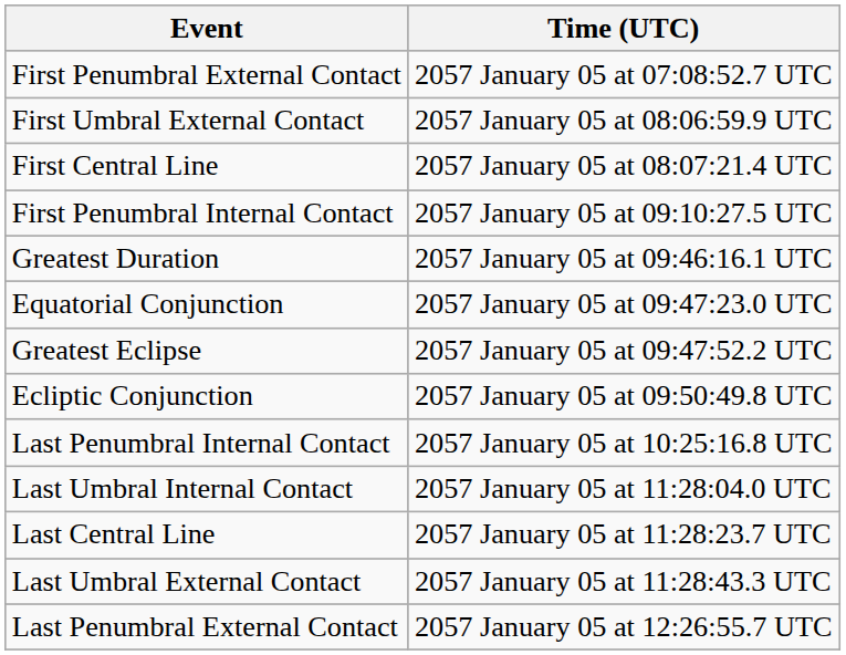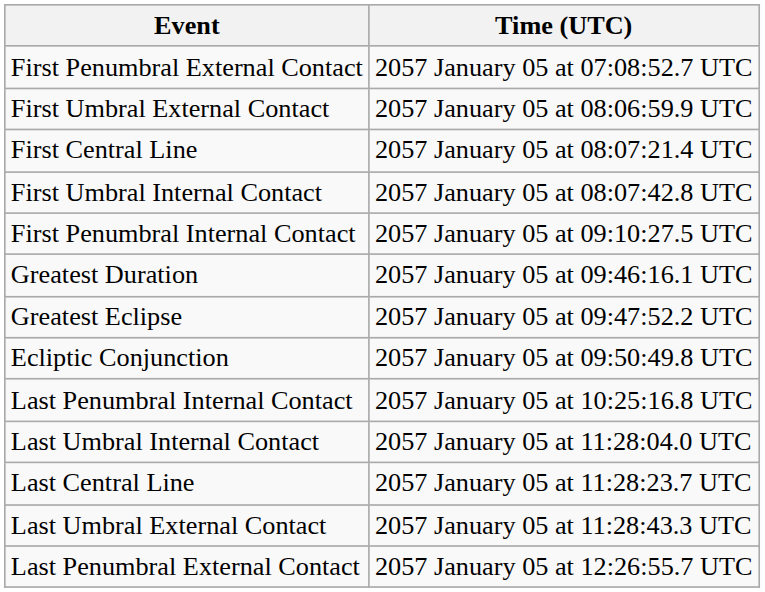 <table class="wikitable">
 <tr>
 <th>Event</th>
 <th>Time (UTC)</th>
 </tr>
 <tr>
 <td>First Penumbral External Contact</td>
 <td>2057 January 05 at 07:08:52.7 UTC</td>
 </tr>
 <tr>
 <td>First Umbral External Contact</td>
 <td>2057 January 05 at 08:06:59.9 UTC</td>
 </tr>
 <tr>
 <td>First Central Line</td>
 <td>2057 January 05 at 08:07:21.4 UTC</td>
 </tr>
 <tr>
+<td>First Umbral Internal Contact</td>
+<td>2057 January 05 at 08:07:42.8 UTC</td>
+</tr>
+<tr>
 <td>First Penumbral Internal Contact</td>
 <td>2057 January 05 at 09:10:27.5 UTC</td>
 </tr>
 <tr>
 <td>Greatest Duration</td>
 <td>2057 January 05 at 09:46:16.1 UTC</td>
-</tr>
-<tr>
-<td>Equatorial Conjunction</td>
-<td>2057 January 05 at 09:47:23.0 UTC</td>
 </tr>
 <tr>
 <td>Greatest Eclipse</td>
 <td>2057 January 05 at 09:47:52.2 UTC</td>
 </tr>
 <tr>
 <td>Ecliptic Conjunction</td>
 <td>2057 January 05 at 09:50:49.8 UTC</td>
 </tr>
 <tr>
 <td>Last Penumbral Internal Contact</td>
 <td>2057 January 05 at 10:25:16.8 UTC</td>
 </tr>
 <tr>
 <td>Last Umbral Internal Contact</td>
 <td>2057 January 05 at 11:28:04.0 UTC</td>
 </tr>
 <tr>
 <td>Last Central Line</td>
 <td>2057 January 05 at 11:28:23.7 UTC</td>
 </tr>
 <tr>
 <td>Last Umbral External Contact</td>
 <td>2057 January 05 at 11:28:43.3 UTC</td>
 </tr>
 <tr>
 <td>Last Penumbral External Contact</td>
 <td>2057 January 05 at 12:26:55.7 UTC</td>
 </tr>
 </table>
